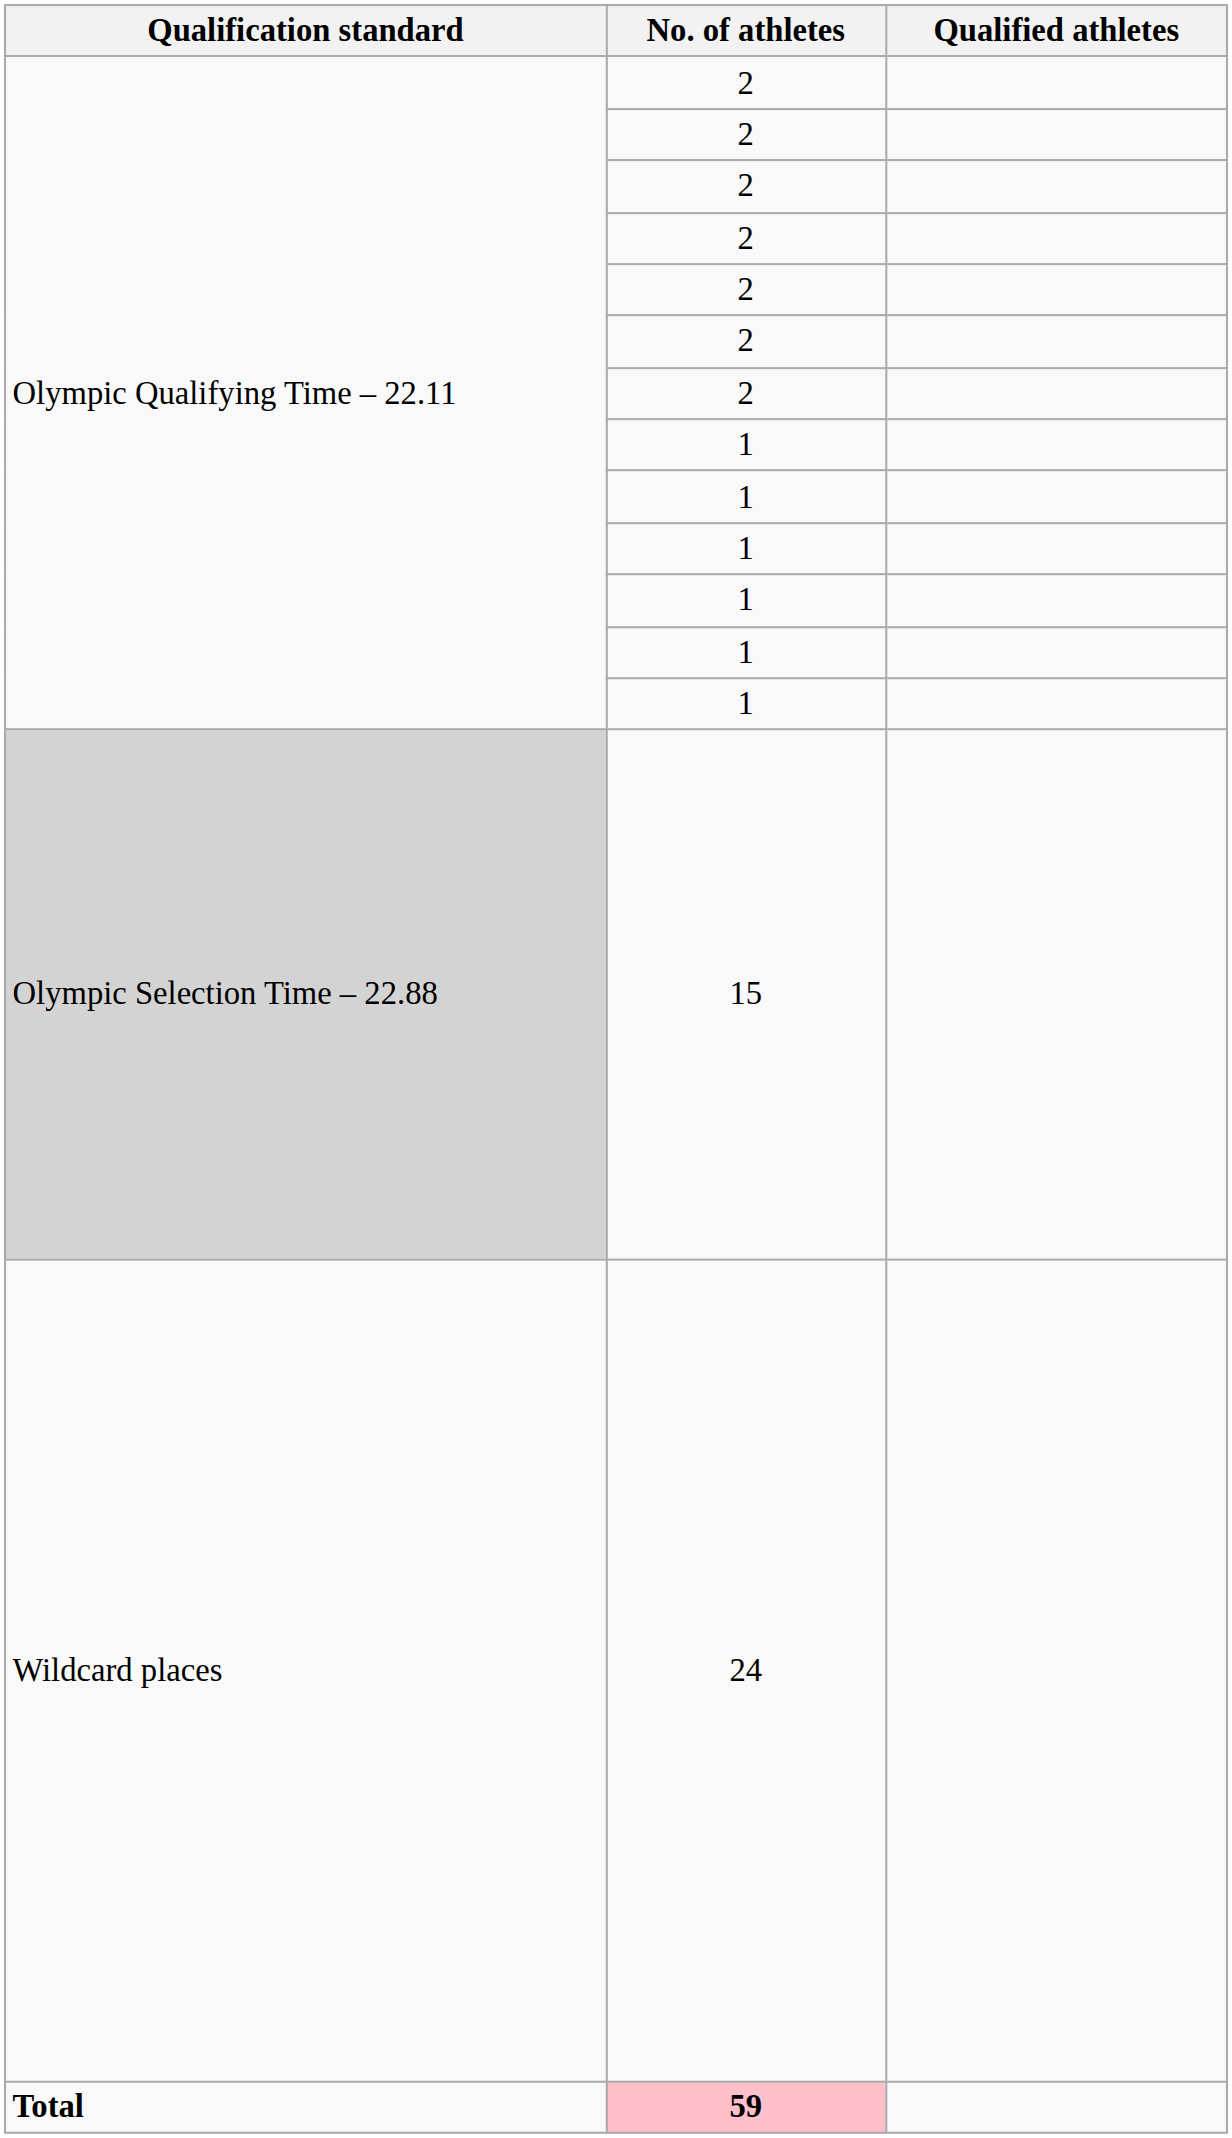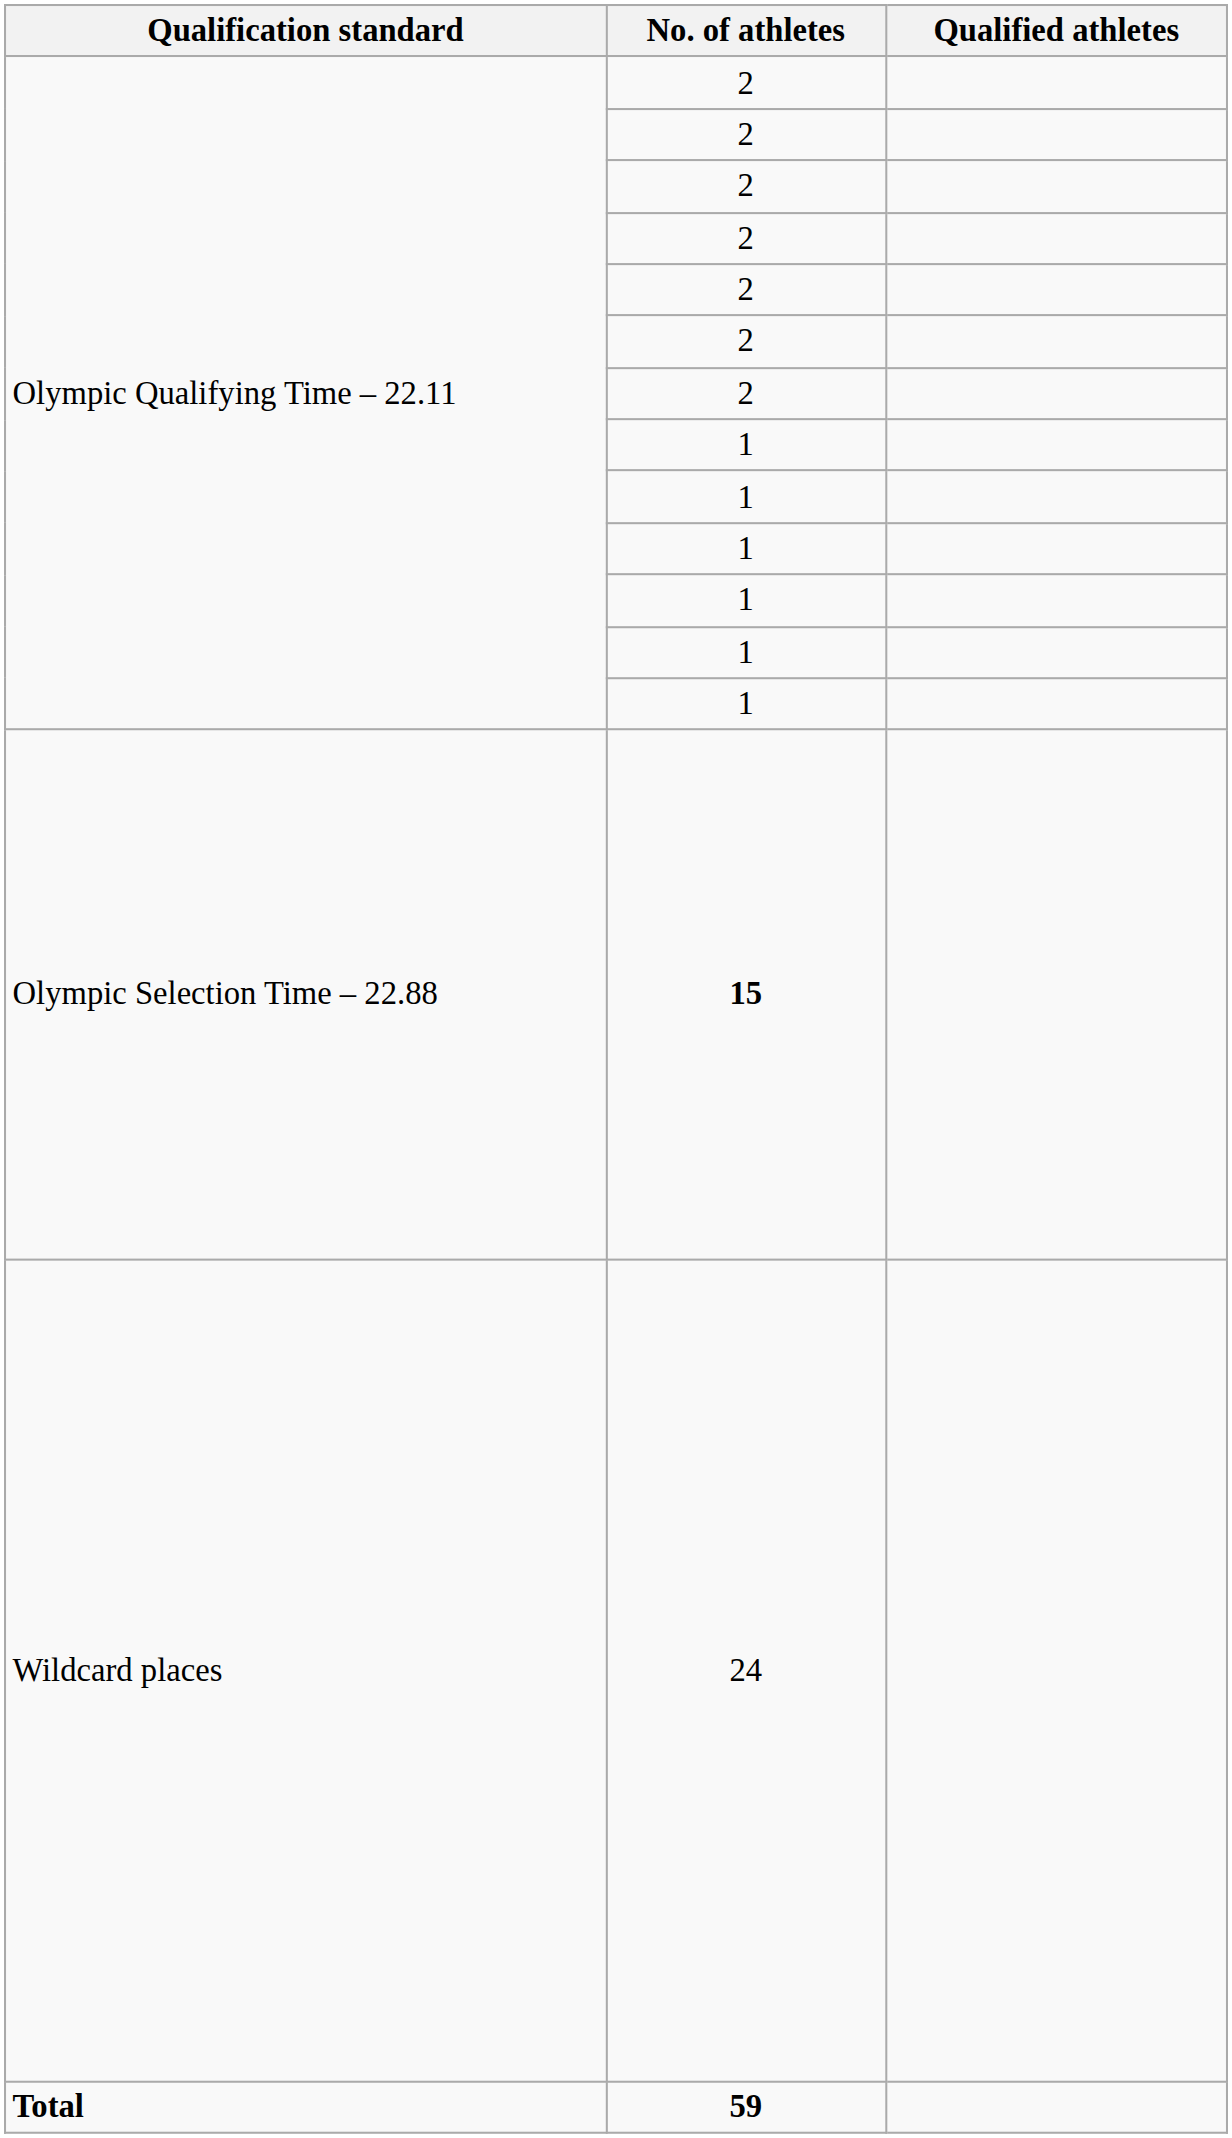 <table class=wikitable style="text-align:left" width=600>
 <tr>
 <th>Qualification standard</th>
 <th>No. of athletes</th>
 <th>Qualified athletes</th>
 </tr>
 <tr>
 <td rowspan="13">Olympic Qualifying Time – 22.11</td>
 <td align=center>2</td>
 <td><br></td>
 </tr>
 <tr>
 <td align=center>2</td>
 <td><br></td>
 </tr>
 <tr>
 <td align=center>2</td>
 <td><br></td>
 </tr>
 <tr>
 <td align=center>2</td>
 <td><br></td>
 </tr>
 <tr>
 <td align=center>2</td>
 <td><br></td>
 </tr>
 <tr>
 <td align=center>2</td>
 <td><br></td>
 </tr>
 <tr>
 <td align=center>2</td>
 <td><br></td>
 </tr>
 <tr>
 <td align=center>1</td>
 <td></td>
 </tr>
 <tr>
 <td align=center>1</td>
 <td></td>
 </tr>
 <tr>
 <td align=center>1</td>
 <td></td>
 </tr>
 <tr>
 <td align=center>1</td>
 <td></td>
 </tr>
 <tr>
 <td align=center>1</td>
 <td></td>
 </tr>
 <tr>
 <td align=center>1</td>
 <td></td>
 </tr>
 <tr>
-<td rowspan="1" style="background: lightgrey;">Olympic Selection Time – 22.88</td>
-<td align=center>15</td>
+<td rowspan="1">Olympic Selection Time – 22.88</td>
+<td align=center><strong>15</strong></td>
 <td><br><br> <br>  <br> <br> <br>  <br>  <br>  <br> <br> <br><br> <br><br></td>
 </tr>
 <tr>
 <td rowspan="1">Wildcard places</td>
 <td align=center>24</td>
 <td> <br> <br>  <br>  <br>  <br> <br><br> <br><br><br><br><br><br><br><br><br><br><br><br><br><br><br></td>
 </tr>
 <tr>
 <td><strong>Total</strong></td>
-<td align=center style="background: pink;"><strong>59</strong></td>
+<td align=center><strong>59</strong></td>
 <td></td>
 </tr>
 </table>
